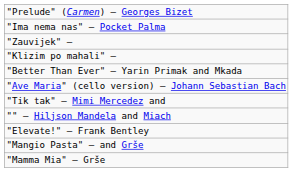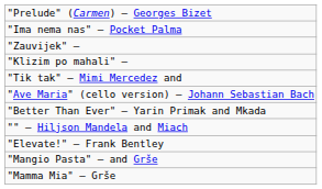 <table class="wikitable mw-collapsible mw-collapsed">
 <tr>
 <td>"Prelude" (<em><a href='#'>Carmen</a></em>) – <a href='#'>Georges Bizet</a></td>
 </tr>
 <tr>
 <td>"Ima nema nas" – <a href='#'>Pocket Palma</a></td>
 </tr>
 <tr>
 <td>"Zauvijek" – </td>
 </tr>
 <tr>
 <td>"Klizim po mahali" – </td>
 </tr>
 <tr>
-<td>"Better Than Ever" – Yarin Primak and Mkada</td>
+<td>"Tik tak" – <a href='#'>Mimi Mercedez</a> and </td>
 </tr>
 <tr>
 <td>"<a href='#'>Ave Maria</a>" (cello version) – <a href='#'>Johann Sebastian Bach</a></td>
 </tr>
 <tr>
-<td>"Tik tak" – <a href='#'>Mimi Mercedez</a> and </td>
+<td>"Better Than Ever" – Yarin Primak and Mkada</td>
 </tr>
 <tr>
 <td>"" – <a href='#'>Hiljson Mandela</a> and <a href='#'>Miach</a></td>
 </tr>
 <tr>
 <td>"Elevate!" – Frank Bentley</td>
 </tr>
 <tr>
 <td>"Mangio Pasta" –  and <a href='#'>Grše</a></td>
 </tr>
 <tr>
 <td>"Mamma Mia" – Grše</td>
 </tr>
 </table>
